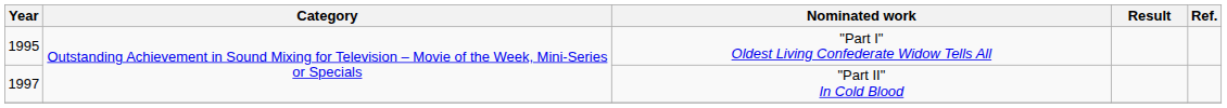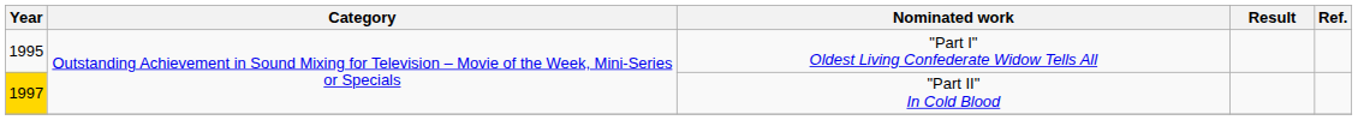 <table class="wikitable sortable plainrowheaders" style="text-align:center;">
 <tr>
 <th scope="col" style="width:1em;">Year</th>
 <th scope="col" style="width:40em;">Category</th>
 <th scope="col" style="width:35em;">Nominated work</th>
 <th scope="col" style="width:5em;">Result</th>
 <th scope="col" style="width:1em;">Ref.</th>
 </tr>
 <tr>
 <td>1995</td>
 <td rowspan="2"><a href='#'>Outstanding Achievement in Sound Mixing for Television – Movie of the Week, Mini-Series or Specials</a></td>
 <td>"Part I" <br> <em><a href='#'>Oldest Living Confederate Widow Tells All</a></em></td>
 <td></td>
 <td></td>
 </tr>
 <tr>
-<td>1997</td>
+<td style="background: gold;">1997</td>
 <td>"Part II" <br> <em><a href='#'>In Cold Blood</a></em></td>
 <td></td>
 <td></td>
 </tr>
 <tr>
 </tr>
 </table>
